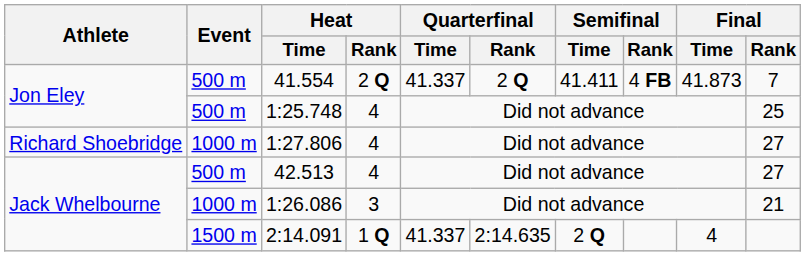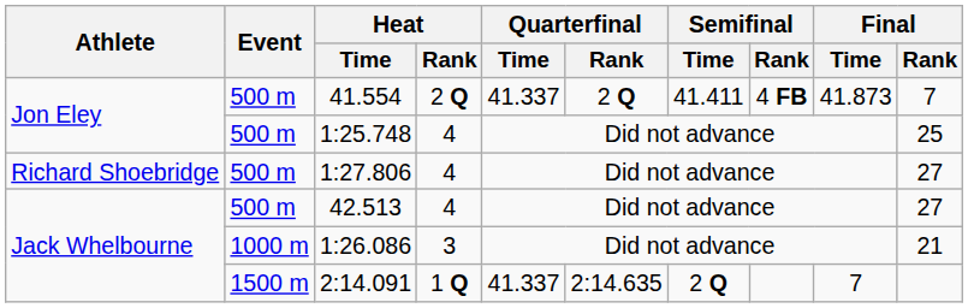 <table class="wikitable" style="font-size:90%">
 <tr>
 <th rowspan=2>Athlete</th>
 <th rowspan=2>Event</th>
 <th colspan=2>Heat</th>
 <th colspan=2>Quarterfinal</th>
 <th colspan=2>Semifinal</th>
 <th colspan=2>Final</th>
 </tr>
 <tr style="font-size:95%">
 <th>Time</th>
 <th>Rank</th>
 <th>Time</th>
 <th>Rank</th>
 <th>Time</th>
 <th>Rank</th>
 <th>Time</th>
 <th>Rank</th>
 </tr>
 <tr align=center>
 <td align=left rowspan="2"><a href='#'>Jon Eley</a></td>
 <td align=left><a href='#'>500 m</a></td>
 <td>41.554</td>
 <td>2 <strong>Q</strong></td>
 <td>41.337</td>
 <td>2 <strong>Q</strong></td>
 <td>41.411</td>
 <td>4 <strong>FB</strong></td>
 <td>41.873</td>
 <td>7</td>
 </tr>
 <tr align=center>
 <td align=left><a href='#'>500 m</a></td>
 <td>1:25.748</td>
 <td>4</td>
 <td colspan=5>Did not advance</td>
 <td>25</td>
 </tr>
 <tr align=center>
 <td align=left><a href='#'>Richard Shoebridge</a></td>
-<td align=left><a href='#'>1000 m</a></td>
+<td align=left><a href='#'>500 m</a></td>
 <td>1:27.806</td>
 <td>4</td>
 <td colspan=5>Did not advance</td>
 <td>27</td>
 </tr>
 <tr align=center>
 <td align=left rowspan="3"><a href='#'>Jack Whelbourne</a></td>
 <td align=left><a href='#'>500 m</a></td>
 <td>42.513</td>
 <td>4</td>
 <td colspan=5>Did not advance</td>
 <td>27</td>
 </tr>
 <tr align=center>
 <td align=left><a href='#'>1000 m</a></td>
 <td>1:26.086</td>
 <td>3</td>
 <td colspan=5>Did not advance</td>
 <td>21</td>
 </tr>
 <tr align=center>
 <td align=left><a href='#'>1500 m</a></td>
 <td>2:14.091</td>
 <td>1 <strong>Q</strong></td>
 <td>41.337</td>
 <td>2:14.635</td>
 <td>2 <strong>Q</strong></td>
 <td></td>
-<td>4</td>
+<td>7</td>
 </tr>
 </table>
